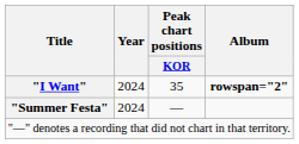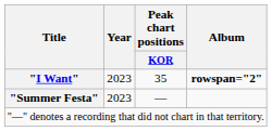 <table class="wikitable plainrowheaders" style="text-align:center">
 <tr>
 <th scope="col" rowspan="2">Title</th>
 <th scope="col" rowspan="2">Year</th>
 <th scope="col" colspan="1">Peak chart positions</th>
 <th scope="col" rowspan="2">Album</th>
 </tr>
 <tr>
 <th scope="col" style="font-size:90%; width:2.6em"><a href='#'>KOR</a><br></th>
 </tr>
 <tr>
 <th scope="row">"<a href='#'>I Want</a>"</th>
-<td>2024</td>
+<td>2023</td>
 <td>35</td>
 <td><strong>rowspan="2" </strong></td>
 </tr>
 <tr>
 <th scope="row">"Summer Festa"</th>
-<td>2024</td>
+<td>2023</td>
 <td>—</td>
 </tr>
 <tr>
 <td colspan="4" style="font-size:90%">"—" denotes a recording that did not chart in that territory.</td>
 </tr>
 </table>
